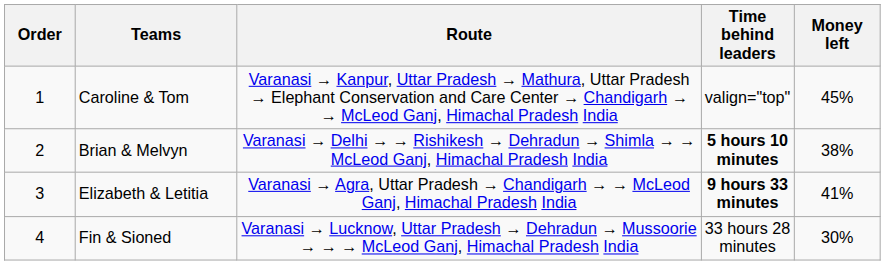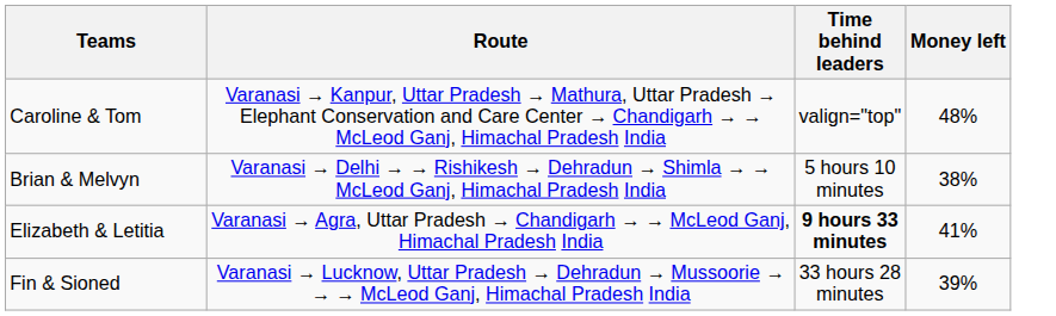 <table class="wikitable sortable" style="text-align:center">
 <tr>
-<th style="width:4em">Order</th>
 <th style="width:10em">Teams</th>
 <th style="width:30em">Route</th>
 <th style="width:5em">Time behind leaders</th>
 <th style="width:5em">Money left</th>
 </tr>
 <tr>
-<td>1</td>
 <td style="text-align:left">Caroline & Tom</td>
 <td><a href='#'>Varanasi</a>  → <a href='#'>Kanpur</a>, <a href='#'>Uttar Pradesh</a>   → <a href='#'>Mathura</a>, Uttar Pradesh →  Elephant Conservation and Care Center   →  <a href='#'>Chandigarh</a>  →  → <a href='#'>McLeod Ganj</a>, <a href='#'>Himachal Pradesh</a> <a href='#'>India</a></td>
 <td>valign="top" </td>
-<td>45%</td>
+<td>48%</td>
 </tr>
 <tr>
-<td>2</td>
 <td style="text-align:left">Brian & Melvyn</td>
 <td><a href='#'>Varanasi</a>  → <a href='#'>Delhi</a> →   →  <a href='#'>Rishikesh</a>  → <a href='#'>Dehradun</a> → <a href='#'>Shimla</a>   →  → <a href='#'>McLeod Ganj</a>, <a href='#'>Himachal Pradesh</a> <a href='#'>India</a></td>
-<td><strong>5 hours 10 minutes</strong></td>
+<td>5 hours 10 minutes</td>
 <td>38%</td>
 </tr>
 <tr>
-<td>3</td>
 <td style="text-align:left">Elizabeth & Letitia</td>
 <td><a href='#'>Varanasi</a>  → <a href='#'>Agra</a>, Uttar Pradesh   → <a href='#'>Chandigarh</a>  →  → <a href='#'>McLeod Ganj</a>, <a href='#'>Himachal Pradesh</a> <a href='#'>India</a></td>
 <td><strong>9 hours 33 minutes</strong></td>
 <td>41%</td>
 </tr>
 <tr>
-<td>4</td>
 <td style="text-align:left">Fin & Sioned</td>
 <td><a href='#'>Varanasi</a>   → <a href='#'>Lucknow</a>, <a href='#'>Uttar Pradesh</a>   → <a href='#'>Dehradun</a> → <a href='#'>Mussoorie</a>  →  →  → <a href='#'>McLeod Ganj</a>, <a href='#'>Himachal Pradesh</a> <a href='#'>India</a></td>
 <td>33 hours 28 minutes</td>
-<td>30%</td>
+<td>39%</td>
 </tr>
 </table>
